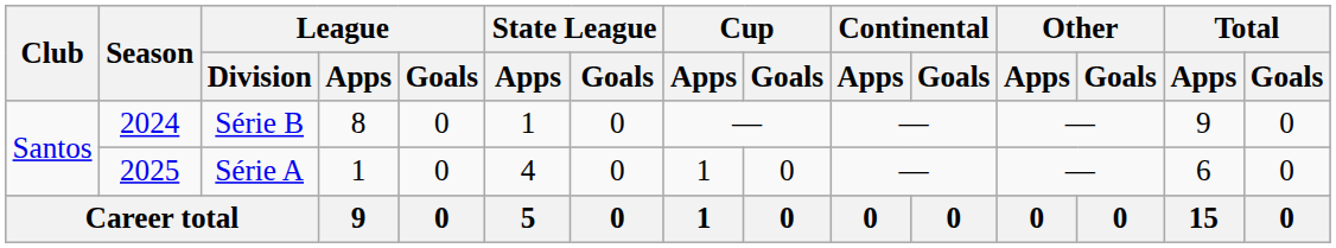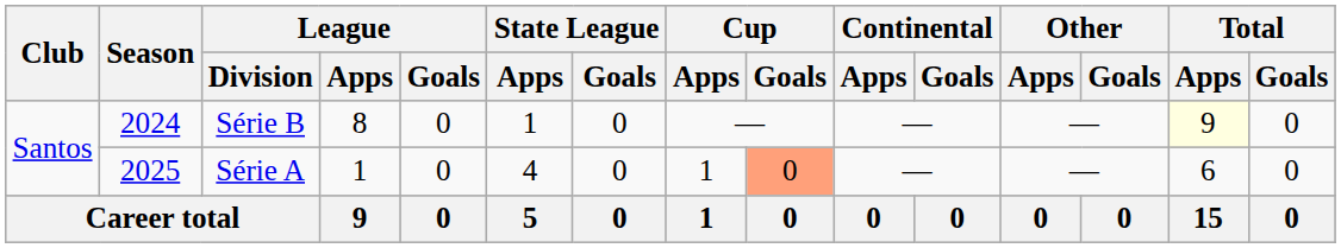 <table class="wikitable" style="text-align: center">
 <tr>
 <th rowspan="2">Club</th>
 <th rowspan="2">Season</th>
 <th colspan="3">League</th>
 <th colspan="2">State League</th>
 <th colspan="2">Cup</th>
 <th colspan="2">Continental</th>
 <th colspan="2">Other</th>
 <th colspan="2">Total</th>
 </tr>
 <tr>
 <th>Division</th>
 <th>Apps</th>
 <th>Goals</th>
 <th>Apps</th>
 <th>Goals</th>
 <th>Apps</th>
 <th>Goals</th>
 <th>Apps</th>
 <th>Goals</th>
 <th>Apps</th>
 <th>Goals</th>
 <th>Apps</th>
 <th>Goals</th>
 </tr>
 <tr>
 <td rowspan="2"><a href='#'>Santos</a></td>
 <td><a href='#'>2024</a></td>
 <td><a href='#'>Série B</a></td>
 <td>8</td>
 <td>0</td>
 <td>1</td>
 <td>0</td>
 <td colspan="2">—</td>
 <td colspan="2">—</td>
 <td colspan="2">—</td>
-<td>9</td>
+<td style="background: lightyellow;">9</td>
 <td>0</td>
 </tr>
 <tr>
 <td><a href='#'>2025</a></td>
 <td><a href='#'>Série A</a></td>
 <td>1</td>
 <td>0</td>
 <td>4</td>
 <td>0</td>
 <td>1</td>
-<td>0</td>
+<td style="background: lightsalmon;">0</td>
 <td colspan="2">—</td>
 <td colspan="2">—</td>
 <td>6</td>
 <td>0</td>
 </tr>
 <tr>
 <th colspan="3"><strong>Career total</strong></th>
 <th>9</th>
 <th>0</th>
 <th>5</th>
 <th>0</th>
 <th>1</th>
 <th>0</th>
 <th>0</th>
 <th>0</th>
 <th>0</th>
 <th>0</th>
 <th>15</th>
 <th>0</th>
 </tr>
 </table>
